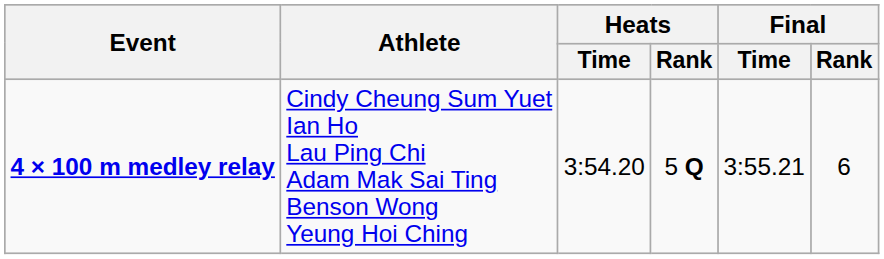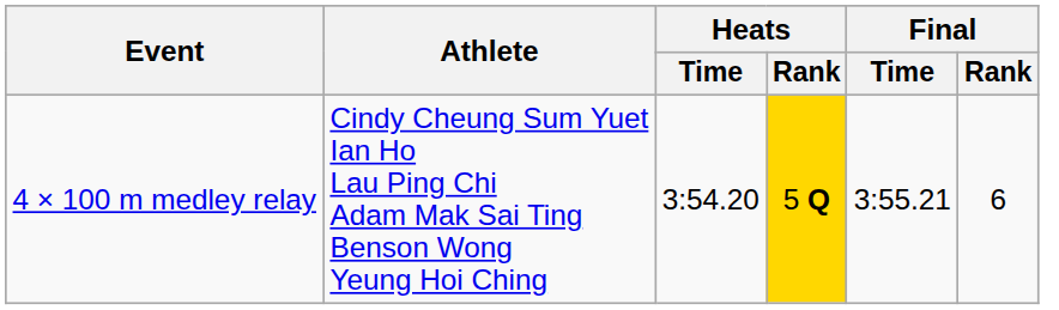 <table class=wikitable style="font-size:90%">
 <tr>
 <th rowspan="2">Event</th>
 <th rowspan="2">Athlete</th>
 <th colspan="2">Heats</th>
 <th colspan="2">Final</th>
 </tr>
 <tr style="font-size:95%">
 <th>Time</th>
 <th>Rank</th>
 <th>Time</th>
 <th>Rank</th>
 </tr>
 <tr align=center>
-<td align=left><strong><a href='#'>4 × 100 m medley relay</a></strong></td>
+<td align=left><a href='#'>4 × 100 m medley relay</a></td>
 <td align=left><a href='#'>Cindy Cheung Sum Yuet</a><br><a href='#'>Ian Ho</a><br><a href='#'>Lau Ping Chi</a><br><a href='#'>Adam Mak Sai Ting</a><br><a href='#'>Benson Wong</a><br><a href='#'>Yeung Hoi Ching</a></td>
 <td>3:54.20</td>
-<td>5 <strong>Q</strong></td>
+<td style="background: gold;">5 <strong>Q</strong></td>
 <td>3:55.21</td>
 <td>6</td>
 </tr>
 </table>
